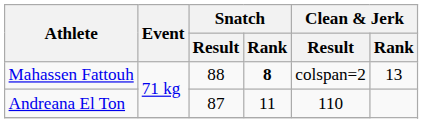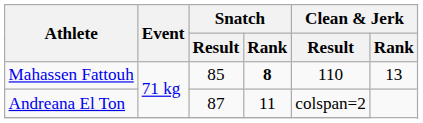 <table class="wikitable" style="font-size:90%">
 <tr>
 <th rowspan="2">Athlete</th>
 <th rowspan="2">Event</th>
 <th colspan="2">Snatch</th>
 <th colspan="2">Clean & Jerk</th>
 </tr>
 <tr>
 <th>Result</th>
 <th>Rank</th>
 <th>Result</th>
 <th>Rank</th>
 </tr>
 <tr align=center>
 <td align=left><a href='#'>Mahassen Fattouh</a></td>
 <td rowspan=2 align=left><a href='#'>71 kg</a></td>
-<td>88</td>
+<td>85</td>
 <td><strong>8</strong></td>
-<td>colspan=2 </td>
+<td>110</td>
 <td>13</td>
 </tr>
 <tr align=center>
 <td align=left><a href='#'>Andreana El Ton</a></td>
 <td>87</td>
 <td>11</td>
-<td>110</td>
+<td>colspan=2 </td>
 </tr>
 <tr>
 </tr>
 </table>
